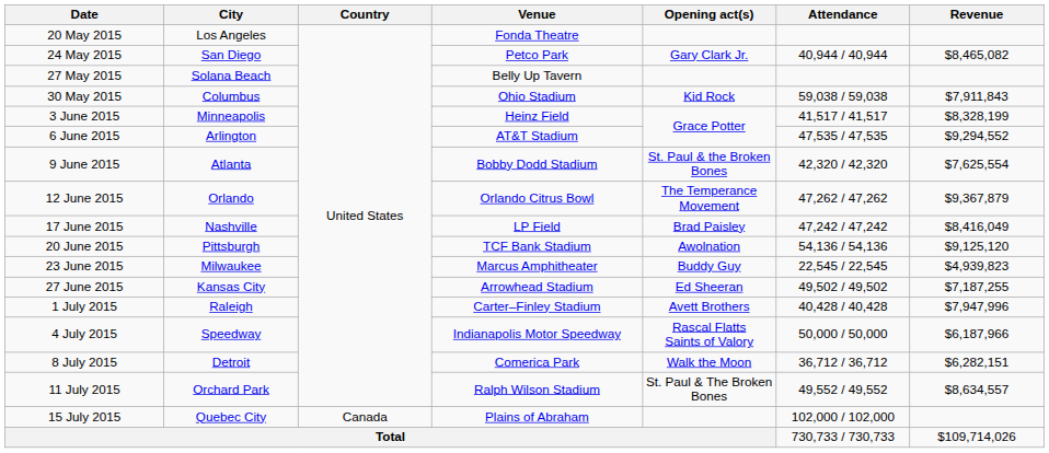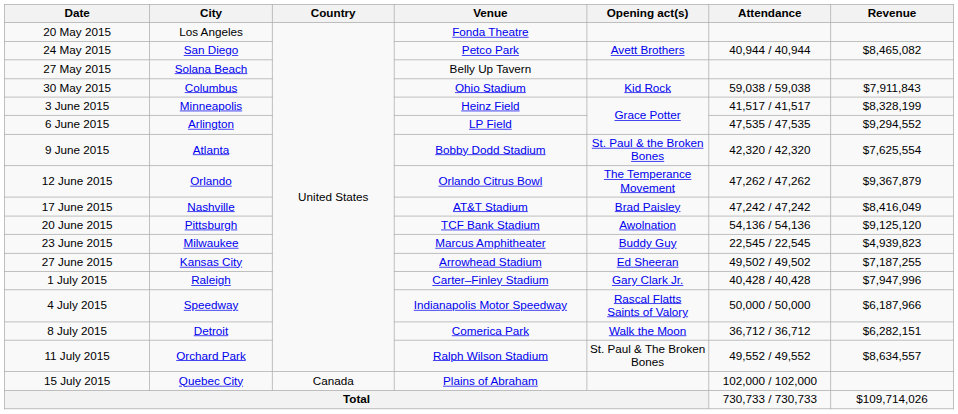 <table class="wikitable" style="text-align:center;">
 <tr>
 <th scope="col" style="width:12em;">Date</th>
 <th scope="col" style="width:10em;">City</th>
 <th scope="col" style="width:10em;">Country</th>
 <th scope="col" style="width:16em;">Venue</th>
 <th scope="col" style="width:10em;">Opening act(s)</th>
 <th scope="col" style="width:10em;">Attendance</th>
 <th scope="col" style="width:10em;">Revenue</th>
 </tr>
 <tr>
 <td>20 May 2015</td>
 <td>Los Angeles</td>
 <td rowspan="16">United States</td>
 <td><a href='#'>Fonda Theatre</a></td>
 <td></td>
 <td></td>
 <td></td>
 </tr>
 <tr>
 <td>24 May 2015</td>
 <td><a href='#'>San Diego</a></td>
 <td><a href='#'>Petco Park</a></td>
-<td><a href='#'>Gary Clark Jr.</a></td>
+<td><a href='#'>Avett Brothers</a></td>
 <td>40,944 / 40,944</td>
 <td>$8,465,082</td>
 </tr>
 <tr>
 <td>27 May 2015</td>
 <td><a href='#'>Solana Beach</a></td>
 <td>Belly Up Tavern</td>
 <td></td>
 <td></td>
 <td></td>
 </tr>
 <tr>
 <td>30 May 2015</td>
 <td><a href='#'>Columbus</a></td>
 <td><a href='#'>Ohio Stadium</a></td>
 <td><a href='#'>Kid Rock</a></td>
 <td>59,038 / 59,038</td>
 <td>$7,911,843</td>
 </tr>
 <tr>
 <td>3 June 2015</td>
 <td><a href='#'>Minneapolis</a></td>
 <td><a href='#'>Heinz Field</a></td>
 <td rowspan="2"><a href='#'>Grace Potter</a></td>
 <td>41,517 / 41,517</td>
 <td>$8,328,199</td>
 </tr>
 <tr>
 <td>6 June 2015</td>
 <td><a href='#'>Arlington</a></td>
-<td><a href='#'>AT&T Stadium</a></td>
+<td><a href='#'>LP Field</a></td>
 <td>47,535 / 47,535</td>
 <td>$9,294,552</td>
 </tr>
 <tr>
 <td>9 June 2015</td>
 <td><a href='#'>Atlanta</a></td>
 <td><a href='#'>Bobby Dodd Stadium</a></td>
 <td><a href='#'>St. Paul & the Broken Bones</a></td>
 <td>42,320 / 42,320</td>
 <td>$7,625,554</td>
 </tr>
 <tr>
 <td>12 June 2015</td>
 <td><a href='#'>Orlando</a></td>
 <td><a href='#'>Orlando Citrus Bowl</a></td>
 <td><a href='#'>The Temperance Movement</a></td>
 <td>47,262 / 47,262</td>
 <td>$9,367,879</td>
 </tr>
 <tr>
 <td>17 June 2015</td>
 <td><a href='#'>Nashville</a></td>
-<td><a href='#'>LP Field</a></td>
+<td><a href='#'>AT&T Stadium</a></td>
 <td><a href='#'>Brad Paisley</a></td>
 <td>47,242 / 47,242</td>
 <td>$8,416,049</td>
 </tr>
 <tr>
 <td>20 June 2015</td>
 <td><a href='#'>Pittsburgh</a></td>
 <td><a href='#'>TCF Bank Stadium</a></td>
 <td><a href='#'>Awolnation</a></td>
 <td>54,136 / 54,136</td>
 <td>$9,125,120</td>
 </tr>
 <tr>
 <td>23 June 2015</td>
 <td><a href='#'>Milwaukee</a></td>
 <td><a href='#'>Marcus Amphitheater</a></td>
 <td><a href='#'>Buddy Guy</a></td>
 <td>22,545 / 22,545</td>
 <td>$4,939,823</td>
 </tr>
 <tr>
 <td>27 June 2015</td>
 <td><a href='#'>Kansas City</a></td>
 <td><a href='#'>Arrowhead Stadium</a></td>
 <td><a href='#'>Ed Sheeran</a></td>
 <td>49,502 / 49,502</td>
 <td>$7,187,255</td>
 </tr>
 <tr>
 <td>1 July 2015</td>
 <td><a href='#'>Raleigh</a></td>
 <td><a href='#'>Carter–Finley Stadium</a></td>
-<td><a href='#'>Avett Brothers</a></td>
+<td><a href='#'>Gary Clark Jr.</a></td>
 <td>40,428 / 40,428</td>
 <td>$7,947,996</td>
 </tr>
 <tr>
 <td>4 July 2015</td>
 <td><a href='#'>Speedway</a></td>
 <td><a href='#'>Indianapolis Motor Speedway</a></td>
 <td><a href='#'>Rascal Flatts</a><br><a href='#'>Saints of Valory</a></td>
 <td>50,000 / 50,000</td>
 <td>$6,187,966</td>
 </tr>
 <tr>
 <td>8 July 2015</td>
 <td><a href='#'>Detroit</a></td>
 <td><a href='#'>Comerica Park</a></td>
 <td><a href='#'>Walk the Moon</a></td>
 <td>36,712 / 36,712</td>
 <td>$6,282,151</td>
 </tr>
 <tr>
 <td>11 July 2015</td>
 <td><a href='#'>Orchard Park</a></td>
 <td><a href='#'>Ralph Wilson Stadium</a></td>
 <td>St. Paul & The Broken Bones</td>
 <td>49,552 / 49,552</td>
 <td>$8,634,557</td>
 </tr>
 <tr>
 <td>15 July 2015</td>
 <td><a href='#'>Quebec City</a></td>
 <td>Canada</td>
 <td><a href='#'>Plains of Abraham</a></td>
 <td></td>
 <td>102,000 / 102,000</td>
 <td></td>
 </tr>
 <tr>
 <th colspan="5">Total</th>
 <td>730,733 / 730,733</td>
 <td>$109,714,026</td>
 </tr>
 </table>
